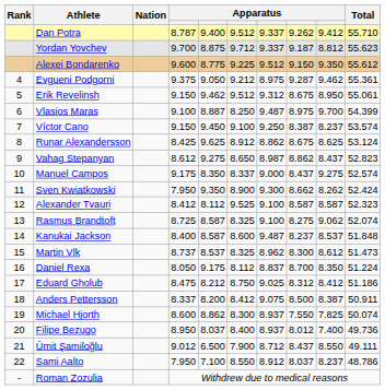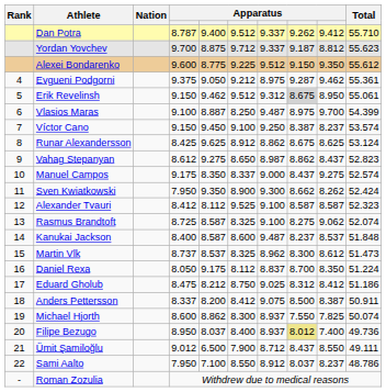 <table class="wikitable" style="font-size:90%">
 <tr>
 <th rowspan=2>Rank</th>
 <th rowspan=2>Athlete</th>
 <th rowspan=2>Nation</th>
 <th colspan =6>Apparatus</th>
 <th rowspan=2>Total</th>
 </tr>
 <tr style="font-size:95%">
 <th></th>
 <th></th>
 <th></th>
 <th></th>
 <th></th>
 <th></th>
 </tr>
 <tr align=center bgcolor=fffcaf>
 <td></td>
 <td align=left><a href='#'>Dan Potra</a></td>
 <td align=left>   </td>
 <td>8.787</td>
 <td>9.400</td>
 <td>9.512</td>
 <td>9.337</td>
 <td>9.262</td>
 <td>9.412</td>
 <td>55.710</td>
 </tr>
 <tr align=center bgcolor=e5e5e5>
 <td></td>
 <td align=left><a href='#'>Yordan Yovchev</a></td>
 <td align=left></td>
 <td>9.700</td>
 <td>8.875</td>
 <td>9.712</td>
 <td>9.337</td>
 <td>9.187</td>
 <td>8.812</td>
 <td>55.623</td>
 </tr>
 <tr align=center bgcolor=eecc99>
 <td></td>
 <td align=left><a href='#'>Alexei Bondarenko</a></td>
 <td align=left></td>
 <td>9.600</td>
 <td>8.775</td>
 <td>9.225</td>
 <td>9.512</td>
 <td>9.150</td>
 <td>9.350</td>
 <td>55.612</td>
 </tr>
 <tr align=center>
 <td>4</td>
 <td align=left><a href='#'>Evgueni Podgorni</a></td>
 <td align=left></td>
 <td>9.375</td>
 <td>9.050</td>
 <td>9.212</td>
 <td>8.975</td>
 <td>9.287</td>
 <td>9.462</td>
 <td>55.361</td>
 </tr>
 <tr align=center>
 <td>5</td>
 <td align=left><a href='#'>Erik Revelinsh</a></td>
 <td align=left></td>
 <td>9.150</td>
 <td>9.462</td>
 <td>9.512</td>
 <td>9.312</td>
-<td>8.675</td>
+<td style="background: lightgrey;">8.675</td>
 <td>8.950</td>
 <td>55.061</td>
 </tr>
 <tr align=center>
 <td>6</td>
 <td align=left><a href='#'>Vlasios Maras</a></td>
 <td align=left></td>
 <td>9.100</td>
 <td>8.887</td>
 <td>8.250</td>
 <td>9.487</td>
 <td>8.975</td>
 <td>9.700</td>
 <td>54.399</td>
 </tr>
 <tr align=center>
 <td>7</td>
 <td align=left><a href='#'>Víctor Cano</a></td>
 <td align=left></td>
 <td>9.150</td>
 <td>9.450</td>
 <td>9.100</td>
 <td>9.250</td>
 <td>8.387</td>
 <td>8.237</td>
 <td>53.574</td>
 </tr>
 <tr align=center>
 <td>8</td>
 <td align=left><a href='#'>Runar Alexandersson</a></td>
 <td align=left></td>
 <td>8.425</td>
 <td>9.625</td>
 <td>8.912</td>
 <td>8.862</td>
 <td>8.675</td>
 <td>8.625</td>
 <td>53.124</td>
 </tr>
 <tr align=center>
 <td>9</td>
 <td align=left><a href='#'>Vahag Stepanyan</a></td>
 <td align=left></td>
 <td>8.612</td>
 <td>9.275</td>
 <td>8.650</td>
 <td>8.987</td>
 <td>8.862</td>
 <td>8.437</td>
 <td>52.823</td>
 </tr>
 <tr align=center>
 <td>10</td>
 <td align=left><a href='#'>Manuel Campos</a></td>
 <td align=left></td>
 <td>9.175</td>
 <td>8.350</td>
 <td>8.337</td>
 <td>9.000</td>
 <td>8.437</td>
 <td>9.275</td>
 <td>52.574</td>
 </tr>
 <tr align=center>
 <td>11</td>
 <td align=left><a href='#'>Sven Kwiatkowski</a></td>
 <td align=left></td>
 <td>7.950</td>
 <td>9.350</td>
 <td>8.900</td>
 <td>9.300</td>
 <td>8.662</td>
 <td>8.262</td>
 <td>52.424</td>
 </tr>
 <tr align=center>
 <td>12</td>
 <td align=left><a href='#'>Alexander Tvauri</a></td>
 <td align=left></td>
 <td>8.412</td>
 <td>8.112</td>
 <td>9.525</td>
 <td>9.100</td>
 <td>8.587</td>
 <td>8.587</td>
 <td>52.323</td>
 </tr>
 <tr align=center>
 <td>13</td>
 <td align=left><a href='#'>Rasmus Brandtoft</a></td>
 <td align=left></td>
 <td>8.725</td>
 <td>8.587</td>
 <td>8.325</td>
 <td>9.100</td>
 <td>8.275</td>
 <td>9.062</td>
 <td>52.074</td>
 </tr>
 <tr align=center>
 <td>14</td>
 <td align=left><a href='#'>Kanukai Jackson</a></td>
 <td align=left></td>
 <td>8.400</td>
 <td>8.587</td>
 <td>8.600</td>
 <td>9.487</td>
 <td>8.237</td>
 <td>8.537</td>
 <td>51.848</td>
 </tr>
 <tr align=center>
 <td>15</td>
 <td align=left><a href='#'>Martin Vlk</a></td>
 <td align=left></td>
 <td>8.737</td>
 <td>8.537</td>
 <td>8.325</td>
 <td>8.962</td>
 <td>8.300</td>
 <td>8.612</td>
 <td>51.473</td>
 </tr>
 <tr align=center>
 <td>16</td>
 <td align=left><a href='#'>Daniel Rexa</a></td>
 <td align=left></td>
 <td>8.050</td>
 <td>9.175</td>
 <td>8.112</td>
 <td>8.837</td>
 <td>8.700</td>
 <td>8.350</td>
 <td>51.224</td>
 </tr>
 <tr align=center>
 <td>17</td>
 <td align=left><a href='#'>Eduard Gholub</a></td>
 <td align=left></td>
 <td>8.475</td>
 <td>8.212</td>
 <td>8.750</td>
 <td>9.025</td>
 <td>8.312</td>
 <td>8.412</td>
 <td>51.186</td>
 </tr>
 <tr align=center>
 <td>18</td>
 <td align=left><a href='#'>Anders Pettersson</a></td>
 <td align=left></td>
 <td>8.337</td>
 <td>8.200</td>
 <td>8.412</td>
 <td>9.075</td>
 <td>8.500</td>
 <td>8.387</td>
 <td>50.911</td>
 </tr>
 <tr align=center>
 <td>19</td>
 <td align=left><a href='#'>Michael Hjorth</a></td>
 <td align=left></td>
 <td>8.600</td>
 <td>8.862</td>
 <td>8.300</td>
 <td>8.937</td>
 <td>7.550</td>
 <td>7.825</td>
 <td>50.074</td>
 </tr>
 <tr align=center>
 <td>20</td>
 <td align=left><a href='#'>Filipe Bezugo</a></td>
 <td align=left></td>
 <td>8.950</td>
 <td>8.037</td>
 <td>8.400</td>
 <td>8.937</td>
-<td>8.012</td>
+<td style="background: khaki;">8.012</td>
 <td>7.400</td>
 <td>49.736</td>
 </tr>
 <tr align=center>
 <td>21</td>
 <td align=left><a href='#'>Ümit Şamiloğlu</a></td>
 <td align=left></td>
 <td>9.012</td>
 <td>6.500</td>
 <td>7.900</td>
 <td>8.712</td>
 <td>8.437</td>
 <td>8.550</td>
 <td>49.111</td>
 </tr>
 <tr align=center>
 <td>22</td>
 <td align=left><a href='#'>Sami Aalto</a></td>
 <td align=left></td>
 <td>7.950</td>
 <td>7.100</td>
 <td>8.550</td>
 <td>8.912</td>
 <td>8.037</td>
 <td>8.237</td>
 <td>48.786</td>
 </tr>
 <tr align=center>
 <td>-</td>
 <td align=left><a href='#'>Roman Zozulia</a></td>
 <td align=left></td>
 <td colspan=7><em>Withdrew due to medical reasons</em></td>
 </tr>
 </table>
